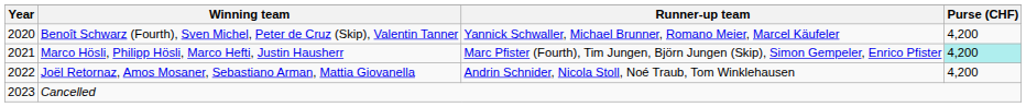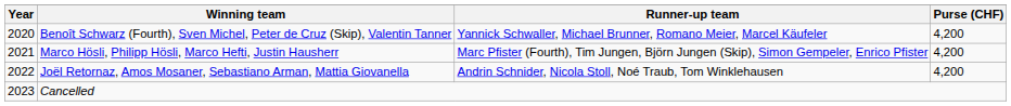 <table class="wikitable">
 <tr>
 </tr>
 <tr>
 <th scope="col">Year</th>
 <th scope="col">Winning team</th>
 <th scope="col">Runner-up team</th>
 <th scope="col">Purse (CHF)</th>
 </tr>
 <tr>
 <td>2020</td>
 <td> <a href='#'>Benoît Schwarz</a> (Fourth), <a href='#'>Sven Michel</a>, <a href='#'>Peter de Cruz</a> (Skip), <a href='#'>Valentin Tanner</a></td>
 <td> <a href='#'>Yannick Schwaller</a>, <a href='#'>Michael Brunner</a>, <a href='#'>Romano Meier</a>, <a href='#'>Marcel Käufeler</a></td>
 <td>4,200</td>
 </tr>
 <tr>
 <td>2021</td>
 <td> <a href='#'>Marco Hösli</a>, <a href='#'>Philipp Hösli</a>, <a href='#'>Marco Hefti</a>, <a href='#'>Justin Hausherr</a></td>
 <td> <a href='#'>Marc Pfister</a> (Fourth), Tim Jungen, Björn Jungen (Skip), <a href='#'>Simon Gempeler</a>, <a href='#'>Enrico Pfister</a></td>
-<td style="background: paleturquoise;">4,200</td>
+<td>4,200</td>
 </tr>
 <tr>
 <td>2022</td>
 <td> <a href='#'>Joël Retornaz</a>, <a href='#'>Amos Mosaner</a>, <a href='#'>Sebastiano Arman</a>, <a href='#'>Mattia Giovanella</a></td>
 <td> <a href='#'>Andrin Schnider</a>, <a href='#'>Nicola Stoll</a>, Noé Traub, Tom Winklehausen</td>
 <td>4,200</td>
 </tr>
 <tr>
 <td>2023</td>
 <td colspan="3"><em>Cancelled</em></td>
 </tr>
 </table>
